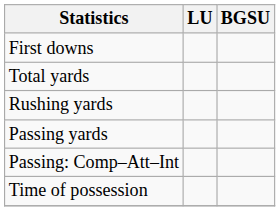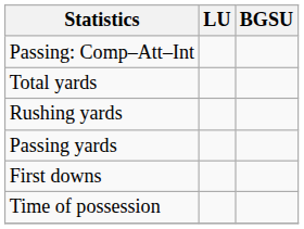 <table class="wikitable" style="float: left;">
 <tr>
 <th>Statistics</th>
 <th>LU</th>
 <th>BGSU</th>
 </tr>
 <tr>
-<td>First downs</td>
+<td>Passing: Comp–Att–Int</td>
 <td></td>
 <td></td>
 </tr>
 <tr>
 <td>Total yards</td>
 <td></td>
 <td></td>
 </tr>
 <tr>
 <td>Rushing yards</td>
 <td></td>
 <td></td>
 </tr>
 <tr>
 <td>Passing yards</td>
 <td></td>
 <td></td>
 </tr>
 <tr>
-<td>Passing: Comp–Att–Int</td>
+<td>First downs</td>
 <td></td>
 <td></td>
 </tr>
 <tr>
 <td>Time of possession</td>
 <td></td>
 <td></td>
 </tr>
 <tr>
 </tr>
 </table>
